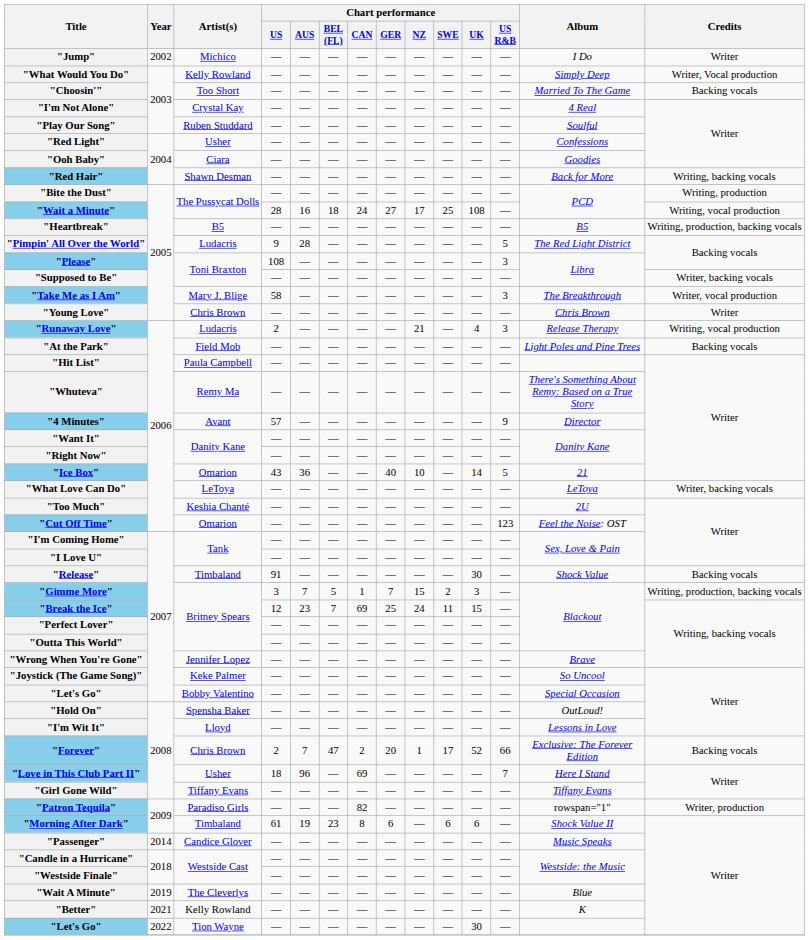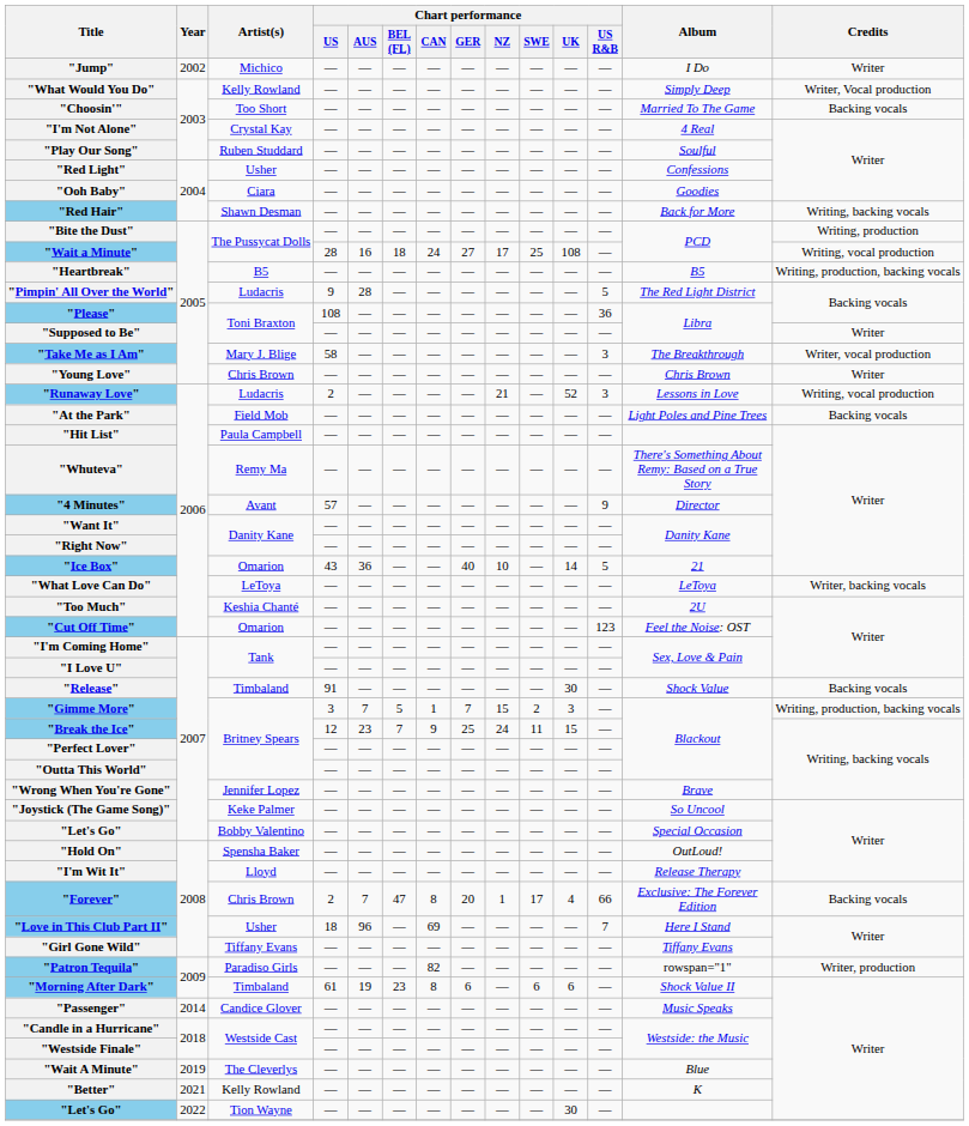 <table class="wikitable plainrowheaders" style="text-align:center;">
 <tr>
 <th scope="col" rowspan="2">Title</th>
 <th scope="col" rowspan="2">Year</th>
 <th scope="col" rowspan="2">Artist(s)</th>
 <th scope="col" colspan="9">Chart performance</th>
 <th scope="col" style="width:180px;" rowspan="2">Album</th>
 <th scope="col" rowspan="2">Credits</th>
 </tr>
 <tr>
 <th scope="col" style="width:2.5em; font-size:90%;"><a href='#'>US</a></th>
 <th scope="col" style="width:2.5em; font-size:90%;"><a href='#'>AUS</a></th>
 <th scope="col" style="width:2.5em; font-size:90%;"><a href='#'>BEL<br>(FL)</a></th>
 <th scope="col" style="width:2.5em; font-size:90%;"><a href='#'>CAN</a></th>
 <th scope="col" style="width:2.5em; font-size:90%;"><a href='#'>GER</a></th>
 <th scope="col" style="width:2.5em; font-size:90%;"><a href='#'>NZ</a></th>
 <th scope="col" style="width:2.5em; font-size:90%;"><a href='#'>SWE</a></th>
 <th scope="col" style="width:2.5em; font-size:90%;"><a href='#'>UK</a></th>
 <th scope="col" style="width:2.5em; font-size:90%;"><a href='#'>US<br>R&B</a></th>
 </tr>
 <tr>
 <th scope="row">"Jump"</th>
 <td rowspan="1">2002</td>
 <td><a href='#'>Michico</a></td>
 <td>—</td>
 <td>—</td>
 <td>—</td>
 <td>—</td>
 <td>—</td>
 <td>—</td>
 <td>—</td>
 <td>—</td>
 <td>—</td>
 <td><em>I Do</em></td>
 <td>Writer</td>
 </tr>
 <tr>
 <th scope="row">"What Would You Do"</th>
 <td rowspan="4">2003</td>
 <td rowspan="1"><a href='#'>Kelly Rowland</a></td>
 <td>—</td>
 <td>—</td>
 <td>—</td>
 <td>—</td>
 <td>—</td>
 <td>—</td>
 <td>—</td>
 <td>—</td>
 <td>—</td>
 <td rowspan="1"><em><a href='#'>Simply Deep</a><br></em></td>
 <td rowspan="1">Writer, Vocal production</td>
 </tr>
 <tr>
 <th scope="row">"Choosin'"</th>
 <td><a href='#'>Too Short</a></td>
 <td>—</td>
 <td>—</td>
 <td>—</td>
 <td>—</td>
 <td>—</td>
 <td>—</td>
 <td>—</td>
 <td>—</td>
 <td>—</td>
 <td><em><a href='#'>Married To The Game</a></em></td>
 <td>Backing vocals</td>
 </tr>
 <tr>
 <th scope="row">"I'm Not Alone"</th>
 <td><a href='#'>Crystal Kay</a></td>
 <td>—</td>
 <td>—</td>
 <td>—</td>
 <td>—</td>
 <td>—</td>
 <td>—</td>
 <td>—</td>
 <td>—</td>
 <td>—</td>
 <td><em><a href='#'>4 Real</a></em></td>
 <td rowspan="4">Writer</td>
 </tr>
 <tr>
 <th scope="row">"Play Our Song"</th>
 <td><a href='#'>Ruben Studdard</a></td>
 <td>—</td>
 <td>—</td>
 <td>—</td>
 <td>—</td>
 <td>—</td>
 <td>—</td>
 <td>—</td>
 <td>—</td>
 <td>—</td>
 <td><em><a href='#'>Soulful</a></em></td>
 </tr>
 <tr>
 <th scope="row">"Red Light"<br></th>
 <td rowspan="3">2004</td>
 <td><a href='#'>Usher</a></td>
 <td>—</td>
 <td>—</td>
 <td>—</td>
 <td>—</td>
 <td>—</td>
 <td>—</td>
 <td>—</td>
 <td>—</td>
 <td>—</td>
 <td><em><a href='#'>Confessions<br></a></em></td>
 </tr>
 <tr>
 <th scope="row">"Ooh Baby"</th>
 <td><a href='#'>Ciara</a></td>
 <td>—</td>
 <td>—</td>
 <td>—</td>
 <td>—</td>
 <td>—</td>
 <td>—</td>
 <td>—</td>
 <td>—</td>
 <td>—</td>
 <td><em><a href='#'>Goodies</a></em></td>
 </tr>
 <tr>
 <th scope="row" style="background:#87CEEB">"Red Hair"</th>
 <td><a href='#'>Shawn Desman</a></td>
 <td>—</td>
 <td>—</td>
 <td>—</td>
 <td>—</td>
 <td>—</td>
 <td>—</td>
 <td>—</td>
 <td>—</td>
 <td>—</td>
 <td><em><a href='#'>Back for More</a></em></td>
 <td>Writing, backing vocals</td>
 </tr>
 <tr>
 <th scope="row">"Bite the Dust"</th>
 <td rowspan="8">2005</td>
 <td rowspan="2"><a href='#'>The Pussycat Dolls</a></td>
 <td>—</td>
 <td>—</td>
 <td>—</td>
 <td>—</td>
 <td>—</td>
 <td>—</td>
 <td>—</td>
 <td>—</td>
 <td>—</td>
 <td rowspan="2"><em><a href='#'>PCD</a></em></td>
 <td>Writing, production</td>
 </tr>
 <tr>
 <th scope="row" style="background:#87CEEB">"<a href='#'>Wait a Minute</a>"<br></th>
 <td>28</td>
 <td>16</td>
 <td>18</td>
 <td>24</td>
 <td>27</td>
 <td>17</td>
 <td>25</td>
 <td>108</td>
 <td>—</td>
 <td>Writing, vocal production</td>
 </tr>
 <tr>
 <th scope="row">"Heartbreak"</th>
 <td><a href='#'>B5</a></td>
 <td>—</td>
 <td>—</td>
 <td>—</td>
 <td>—</td>
 <td>—</td>
 <td>—</td>
 <td>—</td>
 <td>—</td>
 <td>—</td>
 <td><em><a href='#'>B5</a></em></td>
 <td>Writing, production, backing vocals</td>
 </tr>
 <tr>
 <th scope="row">"<a href='#'>Pimpin' All Over the World</a>"<br></th>
 <td rowspan="1"><a href='#'>Ludacris</a></td>
 <td>9</td>
 <td>28</td>
 <td>—</td>
 <td>—</td>
 <td>—</td>
 <td>—</td>
 <td>—</td>
 <td>—</td>
 <td>5</td>
 <td rowspan="1"><em><a href='#'>The Red Light District</a></em></td>
 <td rowspan="2">Backing vocals</td>
 </tr>
 <tr>
 <th scope="row" style="background:#87CEEB">"<a href='#'>Please</a>"</th>
 <td rowspan="2"><a href='#'>Toni Braxton</a></td>
 <td>108</td>
 <td>—</td>
 <td>—</td>
 <td>—</td>
 <td>—</td>
 <td>—</td>
 <td>—</td>
 <td>—</td>
-<td>3</td>
+<td>36</td>
 <td rowspan="2"><em><a href='#'>Libra</a></em></td>
 </tr>
 <tr>
 <th scope="row">"Supposed to Be"</th>
 <td>—</td>
 <td>—</td>
 <td>—</td>
 <td>—</td>
 <td>—</td>
 <td>—</td>
 <td>—</td>
 <td>—</td>
 <td>—</td>
-<td>Writer, backing vocals</td>
+<td>Writer</td>
 </tr>
 <tr>
 <th scope="row" style="background:#87CEEB">"<a href='#'>Take Me as I Am</a>"</th>
 <td rowspan="1"><a href='#'>Mary J. Blige</a></td>
 <td>58</td>
 <td>—</td>
 <td>—</td>
 <td>—</td>
 <td>—</td>
 <td>—</td>
 <td>—</td>
 <td>—</td>
 <td>3</td>
 <td rowspan="1"><em><a href='#'>The Breakthrough</a></em></td>
 <td>Writer, vocal production</td>
 </tr>
 <tr>
 <th scope="row">"Young Love"</th>
 <td><a href='#'>Chris Brown</a></td>
 <td>—</td>
 <td>—</td>
 <td>—</td>
 <td>—</td>
 <td>—</td>
 <td>—</td>
 <td>—</td>
 <td>—</td>
 <td>—</td>
 <td><em><a href='#'>Chris Brown</a></em></td>
 <td>Writer</td>
 </tr>
 <tr>
 <th scope="row" style="background:#87CEEB">"<a href='#'>Runaway Love</a>"<br></th>
 <td rowspan="11">2006</td>
 <td rowspan="1"><a href='#'>Ludacris</a></td>
 <td>2</td>
 <td>—</td>
 <td>—</td>
 <td>—</td>
 <td>—</td>
 <td>21</td>
 <td>—</td>
-<td>4</td>
+<td>52</td>
 <td>3</td>
-<td rowspan="1"><em><a href='#'>Release Therapy</a></em></td>
+<td rowspan="1"><em><a href='#'>Lessons in Love</a></em></td>
 <td>Writing, vocal production</td>
 </tr>
 <tr>
 <th scope="row">"At the Park"</th>
 <td><a href='#'>Field Mob</a></td>
 <td>—</td>
 <td>—</td>
 <td>—</td>
 <td>—</td>
 <td>—</td>
 <td>—</td>
 <td>—</td>
 <td>—</td>
 <td>—</td>
 <td><em><a href='#'>Light Poles and Pine Trees</a></em></td>
 <td>Backing vocals</td>
 </tr>
 <tr>
 <th scope="row">"Hit List"</th>
 <td><a href='#'>Paula Campbell</a></td>
 <td>—</td>
 <td>—</td>
 <td>—</td>
 <td>—</td>
 <td>—</td>
 <td>—</td>
 <td>—</td>
 <td>—</td>
 <td>—</td>
 <td></td>
 <td rowspan="6">Writer</td>
 </tr>
 <tr>
 <th scope="row">"Whuteva"</th>
 <td><a href='#'>Remy Ma</a></td>
 <td>—</td>
 <td>—</td>
 <td>—</td>
 <td>—</td>
 <td>—</td>
 <td>—</td>
 <td>—</td>
 <td>—</td>
 <td>—</td>
 <td><em><a href='#'>There's Something About Remy: Based on a True Story</a></em></td>
 </tr>
 <tr>
 <th scope="row" style="background:#87CEEB">"4 Minutes"</th>
 <td rowspan="1"><a href='#'>Avant</a></td>
 <td>57</td>
 <td>—</td>
 <td>—</td>
 <td>—</td>
 <td>—</td>
 <td>—</td>
 <td>—</td>
 <td>—</td>
 <td>9</td>
 <td rowspan="1"><em><a href='#'>Director</a></em></td>
 </tr>
 <tr>
 <th scope="row">"Want It"</th>
 <td rowspan="2"><a href='#'>Danity Kane</a></td>
 <td>—</td>
 <td>—</td>
 <td>—</td>
 <td>—</td>
 <td>—</td>
 <td>—</td>
 <td>—</td>
 <td>—</td>
 <td>—</td>
 <td rowspan="2"><em><a href='#'>Danity Kane</a></em></td>
 </tr>
 <tr>
 <th scope="row">"Right Now"</th>
 <td>—</td>
 <td>—</td>
 <td>—</td>
 <td>—</td>
 <td>—</td>
 <td>—</td>
 <td>—</td>
 <td>—</td>
 <td>—</td>
 </tr>
 <tr>
 <th scope="row" style="background:#87CEEB">"<a href='#'>Ice Box</a>"<br></th>
 <td rowspan="1"><a href='#'>Omarion</a></td>
 <td>43</td>
 <td>36</td>
 <td>—</td>
 <td>—</td>
 <td>40</td>
 <td>10</td>
 <td>—</td>
 <td>14</td>
 <td>5</td>
 <td rowspan="1"><em><a href='#'>21</a></em></td>
 </tr>
 <tr>
 <th scope="row">"What Love Can Do"</th>
 <td><a href='#'>LeToya</a></td>
 <td>—</td>
 <td>—</td>
 <td>—</td>
 <td>—</td>
 <td>—</td>
 <td>—</td>
 <td>—</td>
 <td>—</td>
 <td>—</td>
 <td><em><a href='#'>LeToya</a></em></td>
 <td>Writer, backing vocals</td>
 </tr>
 <tr>
 <th scope="row">"Too Much"</th>
 <td><a href='#'>Keshia Chanté</a></td>
 <td>—</td>
 <td>—</td>
 <td>—</td>
 <td>—</td>
 <td>—</td>
 <td>—</td>
 <td>—</td>
 <td>—</td>
 <td>—</td>
 <td><em><a href='#'>2U</a></em></td>
 <td rowspan="4">Writer</td>
 </tr>
 <tr>
 <th scope="row" style="background:#87CEEB">"<a href='#'>Cut Off Time</a>"<br></th>
 <td><a href='#'>Omarion</a></td>
 <td>—</td>
 <td>—</td>
 <td>—</td>
 <td>—</td>
 <td>—</td>
 <td>—</td>
 <td>—</td>
 <td>—</td>
 <td>123</td>
 <td><em><a href='#'>Feel the Noise</a>: OST</em></td>
 </tr>
 <tr>
 <th scope="row">"I'm Coming Home"</th>
 <td rowspan="10">2007</td>
 <td rowspan="2"><a href='#'>Tank</a></td>
 <td>—</td>
 <td>—</td>
 <td>—</td>
 <td>—</td>
 <td>—</td>
 <td>—</td>
 <td>—</td>
 <td>—</td>
 <td>—</td>
 <td rowspan="2"><em><a href='#'>Sex, Love & Pain</a></em></td>
 </tr>
 <tr>
 <th scope="row">"I Love U"</th>
 <td>—</td>
 <td>—</td>
 <td>—</td>
 <td>—</td>
 <td>—</td>
 <td>—</td>
 <td>—</td>
 <td>—</td>
 <td>—</td>
 </tr>
 <tr>
 <th scope="row">"<a href='#'>Release</a>"<br></th>
 <td><a href='#'>Timbaland</a></td>
 <td>91</td>
 <td>—</td>
 <td>—</td>
 <td>—</td>
 <td>—</td>
 <td>—</td>
 <td>—</td>
 <td>30</td>
 <td>—</td>
 <td><em><a href='#'>Shock Value</a></em></td>
 <td>Backing vocals</td>
 </tr>
 <tr>
 <th scope="row" style="background:#87CEEB">"<a href='#'>Gimme More</a>"</th>
 <td rowspan="4"><a href='#'>Britney Spears</a></td>
 <td>3</td>
 <td>7</td>
 <td>5</td>
 <td>1</td>
 <td>7</td>
 <td>15</td>
 <td>2</td>
 <td>3</td>
 <td>—</td>
 <td rowspan="4"><em><a href='#'>Blackout</a></em></td>
 <td rowspan="1">Writing, production, backing vocals</td>
 </tr>
 <tr>
 <th scope="row" style="background:#87CEEB">"<a href='#'>Break the Ice</a>"</th>
 <td>12</td>
 <td>23</td>
 <td>7</td>
-<td>69</td>
+<td>9</td>
 <td>25</td>
 <td>24</td>
 <td>11</td>
 <td>15</td>
 <td>—</td>
 <td rowspan="4">Writing, backing vocals</td>
 </tr>
 <tr>
 <th scope="row">"Perfect Lover"</th>
 <td>—</td>
 <td>—</td>
 <td>—</td>
 <td>—</td>
 <td>—</td>
 <td>—</td>
 <td>—</td>
 <td>—</td>
 <td>—</td>
 </tr>
 <tr>
 <th scope="row">"Outta This World"</th>
 <td>—</td>
 <td>—</td>
 <td>—</td>
 <td>—</td>
 <td>—</td>
 <td>—</td>
 <td>—</td>
 <td>—</td>
 <td>—</td>
 </tr>
 <tr>
 <th scope="row">"Wrong When You're Gone"</th>
 <td><a href='#'>Jennifer Lopez</a></td>
 <td>—</td>
 <td>—</td>
 <td>—</td>
 <td>—</td>
 <td>—</td>
 <td>—</td>
 <td>—</td>
 <td>—</td>
 <td>—</td>
 <td><em><a href='#'>Brave</a></em></td>
 </tr>
 <tr>
 <th scope="row">"Joystick (The Game Song)"</th>
 <td><a href='#'>Keke Palmer</a></td>
 <td>—</td>
 <td>—</td>
 <td>—</td>
 <td>—</td>
 <td>—</td>
 <td>—</td>
 <td>—</td>
 <td>—</td>
 <td>—</td>
 <td><em><a href='#'>So Uncool</a></em></td>
 <td rowspan="4">Writer</td>
 </tr>
 <tr>
 <th scope="row">"Let's Go"</th>
 <td><a href='#'>Bobby Valentino</a></td>
 <td>—</td>
 <td>—</td>
 <td>—</td>
 <td>—</td>
 <td>—</td>
 <td>—</td>
 <td>—</td>
 <td>—</td>
 <td>—</td>
 <td><em><a href='#'>Special Occasion</a></em></td>
 </tr>
 <tr>
 <th scope="row">"Hold On"</th>
 <td rowspan="5">2008</td>
 <td rowspan="1"><a href='#'>Spensha Baker</a></td>
 <td>—</td>
 <td>—</td>
 <td>—</td>
 <td>—</td>
 <td>—</td>
 <td>—</td>
 <td>—</td>
 <td>—</td>
 <td>—</td>
 <td rowspan="1"><em>OutLoud!</em></td>
 </tr>
 <tr>
 <th scope="row">"I'm Wit It"</th>
 <td rowspan="1"><a href='#'>Lloyd</a></td>
 <td>—</td>
 <td>—</td>
 <td>—</td>
 <td>—</td>
 <td>—</td>
 <td>—</td>
 <td>—</td>
 <td>—</td>
 <td>—</td>
-<td rowspan="1"><em><a href='#'>Lessons in Love</a></em></td>
+<td rowspan="1"><em><a href='#'>Release Therapy</a></em></td>
 </tr>
 <tr>
 <th scope="row" style="background:#87CEEB">"<a href='#'>Forever</a>"</th>
 <td rowspan="1"><a href='#'>Chris Brown</a></td>
 <td>2</td>
 <td>7</td>
 <td>47</td>
-<td>2</td>
+<td>8</td>
 <td>20</td>
 <td>1</td>
 <td>17</td>
-<td>52</td>
+<td>4</td>
 <td>66</td>
 <td rowspan="1"><em><a href='#'>Exclusive: The Forever Edition</a></em></td>
 <td>Backing vocals</td>
 </tr>
 <tr>
 <th scope="row" style="background:#87CEEB">"<a href='#'>Love in This Club Part II</a>"<br></th>
 <td rowspan="1"><a href='#'>Usher</a></td>
 <td>18</td>
 <td>96</td>
 <td>—</td>
 <td>69</td>
 <td>—</td>
 <td>—</td>
 <td>—</td>
 <td>—</td>
 <td>7</td>
 <td rowspan="1"><em><a href='#'>Here I Stand</a></em></td>
 <td rowspan="2">Writer</td>
 </tr>
 <tr>
 <th scope="row">"Girl Gone Wild"</th>
 <td><a href='#'>Tiffany Evans</a></td>
 <td>—</td>
 <td>—</td>
 <td>—</td>
 <td>—</td>
 <td>—</td>
 <td>—</td>
 <td>—</td>
 <td>—</td>
 <td>—</td>
 <td><em><a href='#'>Tiffany Evans</a></em></td>
 </tr>
 <tr>
 <th scope="row" style="background:#87CEEB">"<a href='#'>Patron Tequila</a>"<br></th>
 <td rowspan="2">2009</td>
 <td rowspan="1"><a href='#'>Paradiso Girls</a></td>
 <td>—</td>
 <td>—</td>
 <td>—</td>
 <td>82</td>
 <td>—</td>
 <td>—</td>
 <td>—</td>
 <td>—</td>
 <td>—</td>
 <td>rowspan="1" </td>
 <td>Writer, production</td>
 </tr>
 <tr>
 <th scope="row" style="background:#87CEEB">"<a href='#'>Morning After Dark</a>"<br></th>
 <td rowspan="1"><a href='#'>Timbaland</a></td>
 <td>61</td>
 <td>19</td>
 <td>23</td>
 <td>8</td>
 <td>6</td>
 <td>—</td>
 <td>6</td>
 <td>6</td>
 <td>—</td>
 <td rowspan="1"><em><a href='#'>Shock Value II</a></em></td>
 <td rowspan="7">Writer</td>
 </tr>
 <tr>
 <th scope="row">"Passenger"</th>
 <td>2014</td>
 <td><a href='#'>Candice Glover</a></td>
 <td>—</td>
 <td>—</td>
 <td>—</td>
 <td>—</td>
 <td>—</td>
 <td>—</td>
 <td>—</td>
 <td>—</td>
 <td>—</td>
 <td><em><a href='#'>Music Speaks</a></em></td>
 </tr>
 <tr>
 <th scope="row">"Candle in a Hurricane"<br></th>
 <td rowspan="2">2018</td>
 <td rowspan="2"><a href='#'>Westside Cast</a></td>
 <td>—</td>
 <td>—</td>
 <td>—</td>
 <td>—</td>
 <td>—</td>
 <td>—</td>
 <td>—</td>
 <td>—</td>
 <td>—</td>
 <td rowspan="2"><em><a href='#'>Westside: the Music</a></em></td>
 </tr>
 <tr>
 <th scope="row">"Westside Finale"</th>
 <td>—</td>
 <td>—</td>
 <td>—</td>
 <td>—</td>
 <td>—</td>
 <td>—</td>
 <td>—</td>
 <td>—</td>
 <td>—</td>
 </tr>
 <tr>
 <th scope="row">"Wait A Minute"</th>
 <td>2019</td>
 <td><a href='#'>The Cleverlys</a></td>
 <td>—</td>
 <td>—</td>
 <td>—</td>
 <td>—</td>
 <td>—</td>
 <td>—</td>
 <td>—</td>
 <td>—</td>
 <td>—</td>
 <td><em>Blue</em></td>
 </tr>
 <tr>
 <th scope="row">"Better"</th>
 <td>2021</td>
 <td>Kelly Rowland</td>
 <td>—</td>
 <td>—</td>
 <td>—</td>
 <td>—</td>
 <td>—</td>
 <td>—</td>
 <td>—</td>
 <td>—</td>
 <td>—</td>
 <td><em>K</em></td>
 </tr>
 <tr>
 <th scope="row" style="background:#87CEEB">"Let's Go"<br></th>
 <td>2022</td>
 <td><a href='#'>Tion Wayne</a></td>
 <td>—</td>
 <td>—</td>
 <td>—</td>
 <td>—</td>
 <td>—</td>
 <td>—</td>
 <td>—</td>
 <td>30</td>
 <td>—</td>
 <td></td>
 </tr>
 <tr>
 </tr>
 </table>
